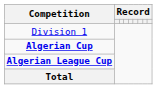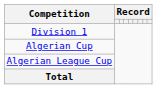 <table class="wikitable" style="text-align: center">
 <tr>
 <th rowspan=2>Competition</th>
 <th colspan=8>Record</th>
 </tr>
 <tr>
 <th></th>
 <th></th>
 <th></th>
 <th></th>
 <th></th>
 <th></th>
 <th></th>
 <th></th>
 </tr>
 <tr>
 <td><a href='#'>Division 1</a><br></td>
 </tr>
 <tr>
-<td><strong><a href='#'>Algerian Cup</a><br></strong></td>
+<td><a href='#'>Algerian Cup</a><br></td>
 </tr>
 <tr>
-<td><strong><a href='#'>Algerian League Cup</a><br></strong></td>
+<td><a href='#'>Algerian League Cup</a><br></td>
 </tr>
 <tr>
 <th>Total<br></th>
 </tr>
 </table>
